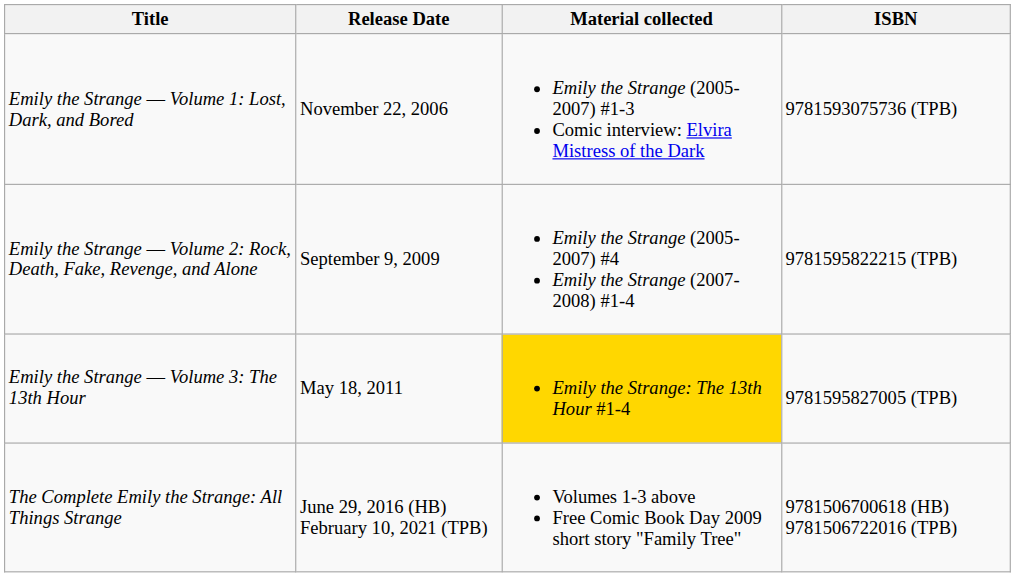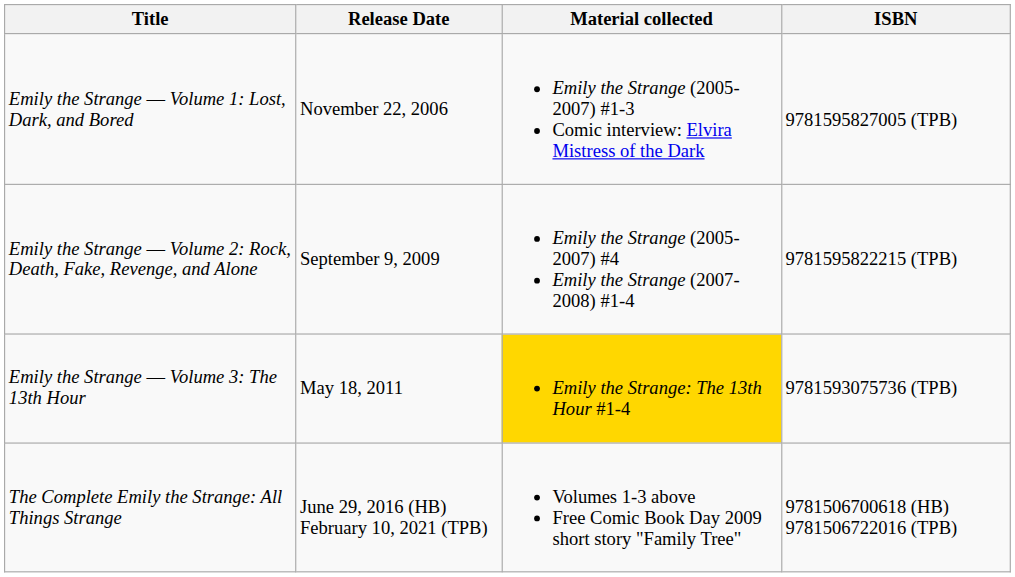 <table class="wikitable">
 <tr>
 <th>Title</th>
 <th>Release Date</th>
 <th>Material collected</th>
 <th>ISBN</th>
 </tr>
 <tr>
 <td><em>Emily the Strange ― Volume 1: Lost, Dark, and Bored</em></td>
 <td>November 22, 2006</td>
 <td><br><ul><li><em>Emily the Strange</em> (2005-2007) #1-3</li><li>Comic interview: <a href='#'>Elvira Mistress of the Dark</a></li></ul></td>
-<td>9781593075736 (TPB)</td>
+<td><br>9781595827005 (TPB)</td>
 </tr>
 <tr>
 <td><em>Emily the Strange ― Volume 2: Rock, Death, Fake, Revenge, and Alone</em></td>
 <td>September 9, 2009</td>
 <td><br><ul><li><em>Emily the Strange</em> (2005-2007) #4</li><li><em>Emily the Strange</em> (2007-2008) #1-4</li></ul></td>
 <td>9781595822215 (TPB)</td>
 </tr>
 <tr>
 <td><em>Emily the Strange ― Volume 3: The 13th Hour</em></td>
 <td>May 18, 2011</td>
 <td style="background: gold;"><br><ul><li><em>Emily the Strange: The 13th Hour</em> #1-4</li></ul></td>
-<td><br>9781595827005 (TPB)</td>
+<td>9781593075736 (TPB)</td>
 </tr>
 <tr>
 <td><em>The Complete Emily the Strange: All Things Strange</em></td>
 <td><br>June 29, 2016 (HB)  February 10, 2021 (TPB)</td>
 <td><br><ul><li>Volumes 1-3 above</li><li>Free Comic Book Day 2009 short story "Family Tree"</li></ul></td>
 <td><br>9781506700618 (HB)  9781506722016 (TPB)</td>
 </tr>
 </table>
